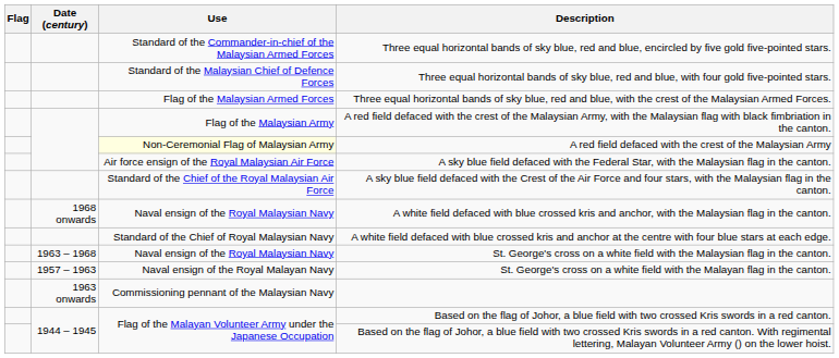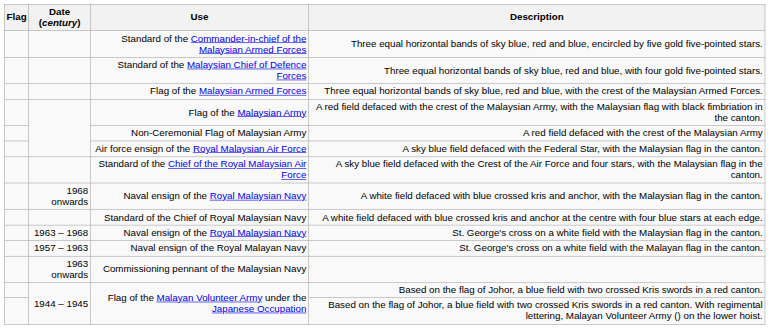 <table class="wikitable sortable" style="text-align:right">
 <tr bgcolor="#efefef">
 <th>Flag</th>
 <th>Date (<em>century</em>)</th>
 <th>Use</th>
 <th>Description</th>
 </tr>
 <tr>
 <td></td>
 <td></td>
 <td>Standard of the <a href='#'>Commander-in-chief of the Malaysian Armed Forces</a></td>
 <td>Three equal horizontal bands of sky blue, red and blue, encircled by five gold five-pointed stars.</td>
 </tr>
 <tr>
 <td></td>
 <td></td>
 <td>Standard of the <a href='#'>Malaysian Chief of Defence Forces</a></td>
 <td>Three equal horizontal bands of sky blue, red and blue, with four gold five-pointed stars.</td>
 </tr>
 <tr>
 <td></td>
 <td></td>
 <td>Flag of the <a href='#'>Malaysian Armed Forces</a></td>
 <td>Three equal horizontal bands of sky blue, red and blue, with the crest of the Malaysian Armed Forces.</td>
 </tr>
 <tr>
 <td></td>
 <td rowspan="3"></td>
 <td>Flag of the <a href='#'>Malaysian Army</a></td>
 <td>A red field defaced with the crest of the Malaysian Army, with the Malaysian flag with black fimbriation in the canton.</td>
 </tr>
 <tr>
 <td></td>
-<td style="background: lightyellow;">Non-Ceremonial Flag of Malaysian Army</td>
+<td>Non-Ceremonial Flag of Malaysian Army</td>
 <td>A red field defaced with the crest of the Malaysian Army</td>
 </tr>
 <tr>
 <td></td>
 <td>Air force ensign of the <a href='#'>Royal Malaysian Air Force</a></td>
 <td>A sky blue field defaced with the Federal Star, with the Malaysian flag in the canton.</td>
 </tr>
 <tr>
 <td></td>
 <td></td>
 <td>Standard of the <a href='#'>Chief of the Royal Malaysian Air Force</a></td>
 <td>A sky blue field defaced with the Crest of the Air Force and four stars, with the Malaysian flag in the canton.</td>
 </tr>
 <tr>
 <td></td>
 <td>1968 onwards</td>
 <td>Naval ensign of the <a href='#'>Royal Malaysian Navy</a></td>
 <td>A white field defaced with blue crossed kris and anchor, with the Malaysian flag in the canton.</td>
 </tr>
 <tr>
 <td></td>
 <td></td>
 <td>Standard of the Chief of Royal Malaysian Navy</td>
 <td>A white field defaced with blue crossed kris and anchor at the centre with four blue stars at each edge.</td>
 </tr>
 <tr>
 <td></td>
 <td>1963 – 1968</td>
 <td>Naval ensign of the <a href='#'>Royal Malaysian Navy</a></td>
 <td>St. George's cross on a white field with the Malaysian flag in the canton.</td>
 </tr>
 <tr>
 <td></td>
 <td>1957 – 1963</td>
 <td>Naval ensign of the Royal Malayan Navy</td>
 <td>St. George's cross on a white field with the Malayan flag in the canton.</td>
 </tr>
 <tr>
 <td></td>
 <td>1963 onwards</td>
 <td>Commissioning pennant of the Malaysian Navy</td>
 <td></td>
 </tr>
 <tr>
 <td></td>
 <td rowspan="2">1944 ‒ 1945</td>
 <td rowspan="2">Flag of the <a href='#'>Malayan Volunteer Army</a> under the <a href='#'>Japanese Occupation</a></td>
 <td>Based on the flag of Johor, a blue field with two crossed Kris swords in a red canton.</td>
 </tr>
 <tr>
 <td></td>
 <td>Based on the flag of Johor, a blue field with two crossed Kris swords in a red canton. With regimental lettering, Malayan Volunteer Army () on the lower hoist.</td>
 </tr>
 </table>
